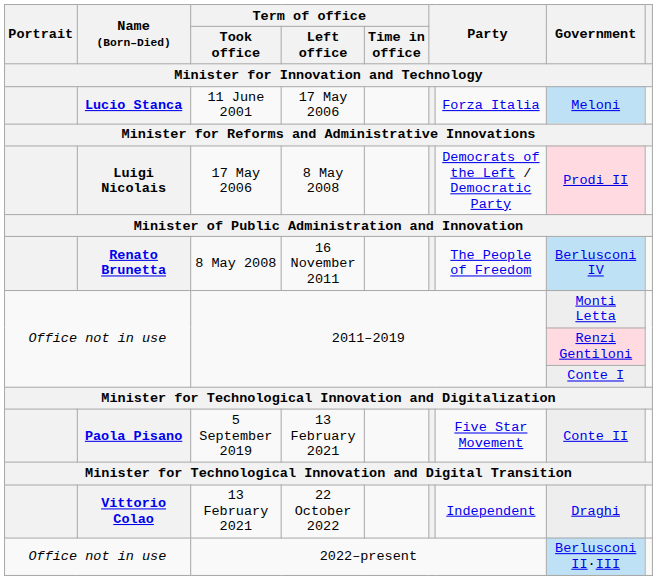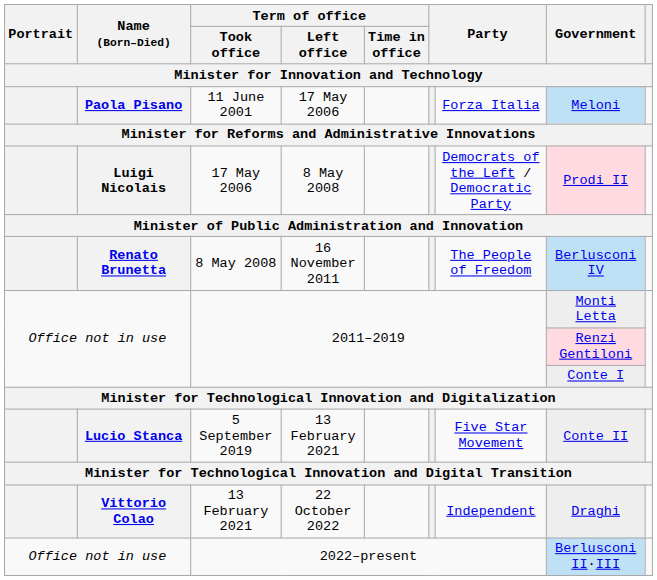 <table class="wikitable" style="text-align:center; style="width=100%">
 <tr>
 <th width=1% rowspan=2>Portrait</th>
 <th width=15% rowspan=2>Name<br><small>(Born–Died)</small></th>
 <th width=30% colspan=3>Term of office</th>
 <th width=15% rowspan=2 colspan=2>Party</th>
 <th width=10% rowspan=2>Government</th>
 <th width=1% rowspan=2></th>
 </tr>
 <tr style="text-align:center;">
 <th width=11%>Took office</th>
 <th width=11%>Left office</th>
 <th width=8%>Time in office</th>
 </tr>
 <tr>
 <th colspan=10>Minister for Innovation and Technology</th>
 </tr>
 <tr style="text-align:center;">
 <th></th>
-<th scope="row" style="font-weight:normal"><strong><a href='#'>Lucio Stanca</a></strong><br></th>
+<th scope="row" style="font-weight:normal"><strong><a href='#'>Paola Pisano</a></strong><br></th>
 <td>11 June 2001</td>
 <td>17 May 2006</td>
 <td></td>
 <th style="background:"></th>
 <td><a href='#'>Forza Italia</a></td>
 <td bgcolor=#BEE1F5><a href='#'>Meloni</a></td>
 <td></td>
 </tr>
 <tr>
 <th colspan=10>Minister for Reforms and Administrative Innovations</th>
 </tr>
 <tr>
 <th></th>
 <th scope="row" style="font-weight:normal"><strong>Luigi Nicolais</strong><br></th>
 <td>17 May 2006</td>
 <td>8 May 2008</td>
 <td></td>
 <th style="background:"></th>
 <td><a href='#'>Democrats of the Left</a> /<br><a href='#'>Democratic Party</a></td>
 <td bgcolor=#FFDAE1><a href='#'>Prodi II</a></td>
 <td></td>
 </tr>
 <tr>
 <th colspan=10>Minister of Public Administration and Innovation</th>
 </tr>
 <tr>
 <th></th>
 <th scope="row" style="font-weight:normal"><strong><a href='#'>Renato Brunetta</a></strong><br></th>
 <td>8 May 2008</td>
 <td>16 November 2011</td>
 <td></td>
 <th style="background:"></th>
 <td><a href='#'>The People of Freedom</a></td>
 <td bgcolor=#BEE1F5><a href='#'>Berlusconi IV</a></td>
 <td></td>
 </tr>
 <tr>
 <td rowspan=3 colspan=2><em>Office not in use</em></td>
 <td rowspan=3 colspan=5 align="center">2011–2019</td>
 <td bgcolor=#EEEEEE><a href='#'>Monti</a><br><a href='#'>Letta</a></td>
 <td rowspan=3><br><br></td>
 </tr>
 <tr>
 <td bgcolor=#FFDAE1><a href='#'>Renzi</a><br><a href='#'>Gentiloni</a></td>
 </tr>
 <tr>
 <td bgcolor=#EEEEEE><a href='#'>Conte I</a></td>
 </tr>
 <tr>
 <th colspan=10>Minister for Technological Innovation and Digitalization</th>
 </tr>
 <tr>
 <th></th>
-<th scope="row" style="font-weight:normal"><strong><a href='#'>Paola Pisano</a></strong><br></th>
+<th scope="row" style="font-weight:normal"><strong><a href='#'>Lucio Stanca</a></strong><br></th>
 <td>5 September 2019</td>
 <td>13 February 2021</td>
 <td></td>
 <th style="background:"></th>
 <td><a href='#'>Five Star Movement</a></td>
 <td bgcolor=#EEEEEE><a href='#'>Conte II</a></td>
 <td></td>
 </tr>
 <tr>
 <th colspan=10>Minister for Technological Innovation and Digital Transition</th>
 </tr>
 <tr>
 <th></th>
 <th scope="row" style="font-weight:normal"><strong><a href='#'>Vittorio Colao</a></strong><br></th>
 <td>13 February 2021</td>
 <td>22 October 2022</td>
 <td></td>
 <th style="background:"></th>
 <td><a href='#'>Independent</a></td>
 <td bgcolor=#EEEEEE><a href='#'>Draghi</a></td>
 <td></td>
 </tr>
 <tr>
 <td colspan=2><em>Office not in use</em></td>
 <td colspan=5 align="center">2022–present</td>
 <td bgcolor=#BEE1F5><a href='#'>Berlusconi II</a>·<a href='#'>III</a></td>
 <td></td>
 </tr>
 </table>
